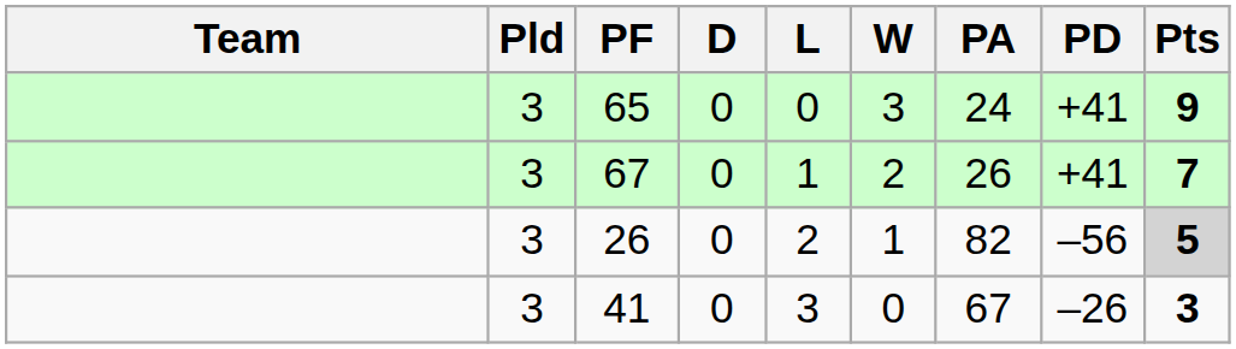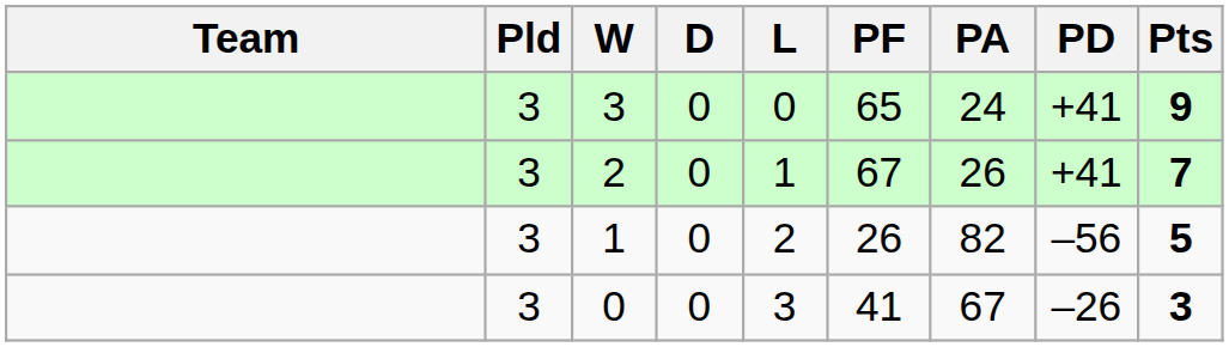 <table class="wikitable" style="text-align:center;">
 <tr>
 <th width=175>Team</th>
 <th width=25 abbr="Played">Pld</th>
-<th width=32 abbr="Points for">PF</th>
+<th width=25 abbr="Won">W</th>
 <th width=25 abbr="Drawn">D</th>
 <th width=25 abbr="Lost">L</th>
-<th width=25 abbr="Won">W</th>
+<th width=32 abbr="Points for">PF</th>
 <th width=32 abbr="Points against">PA</th>
 <th width=32 abbr="Points difference">PD</th>
 <th width=25 abbr="Points">Pts</th>
 </tr>
 <tr bgcolor=ccffcc>
 <td align=left></td>
 <td>3</td>
-<td>65</td>
+<td>3</td>
 <td>0</td>
 <td>0</td>
-<td>3</td>
+<td>65</td>
 <td>24</td>
 <td>+41</td>
 <td><strong>9</strong></td>
 </tr>
 <tr bgcolor=ccffcc>
 <td align=left></td>
 <td>3</td>
-<td>67</td>
+<td>2</td>
 <td>0</td>
 <td>1</td>
-<td>2</td>
+<td>67</td>
 <td>26</td>
 <td>+41</td>
 <td><strong>7</strong></td>
 </tr>
 <tr>
 <td align=left></td>
 <td>3</td>
-<td>26</td>
+<td>1</td>
 <td>0</td>
 <td>2</td>
-<td>1</td>
+<td>26</td>
 <td>82</td>
 <td>–56</td>
-<td style="background: lightgrey;"><strong>5</strong></td>
+<td><strong>5</strong></td>
 </tr>
 <tr>
 <td align=left></td>
 <td>3</td>
-<td>41</td>
+<td>0</td>
 <td>0</td>
 <td>3</td>
-<td>0</td>
+<td>41</td>
 <td>67</td>
 <td>–26</td>
 <td><strong>3</strong></td>
 </tr>
 </table>
